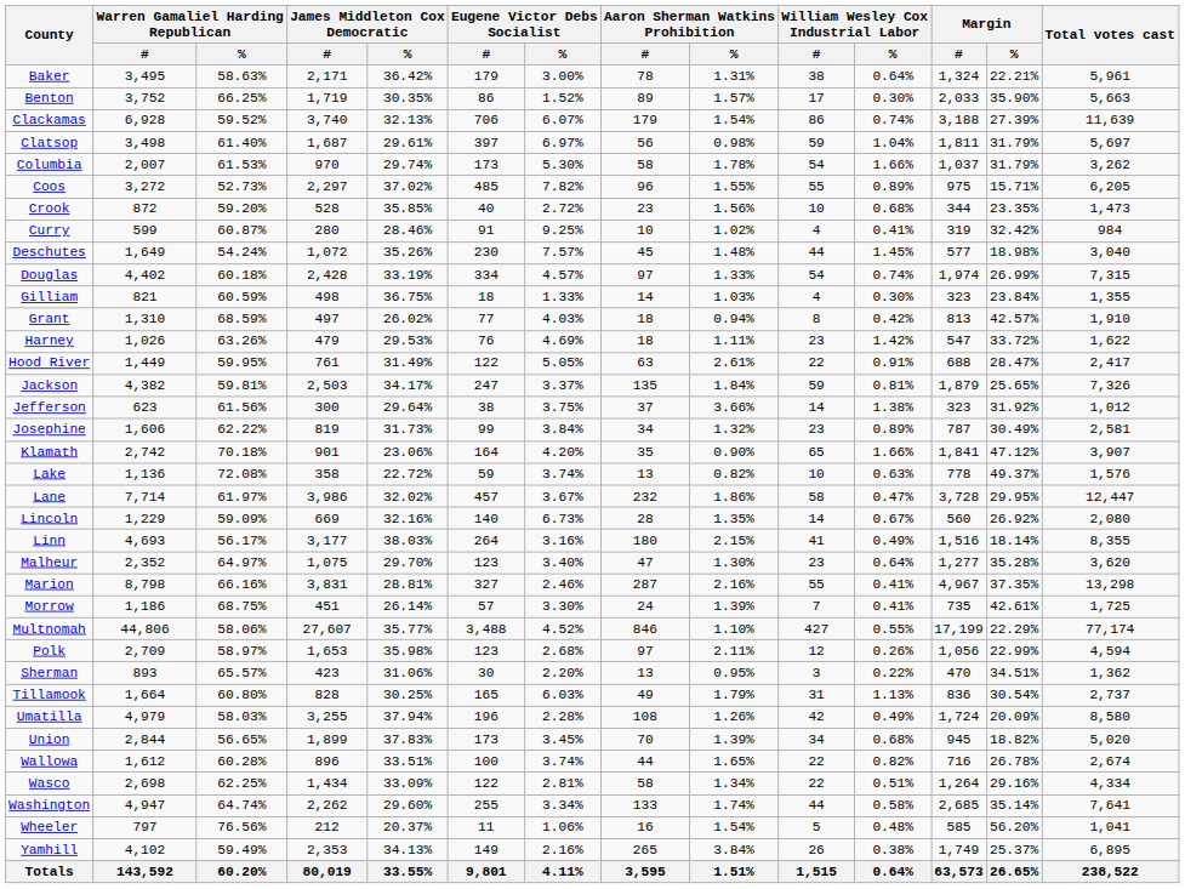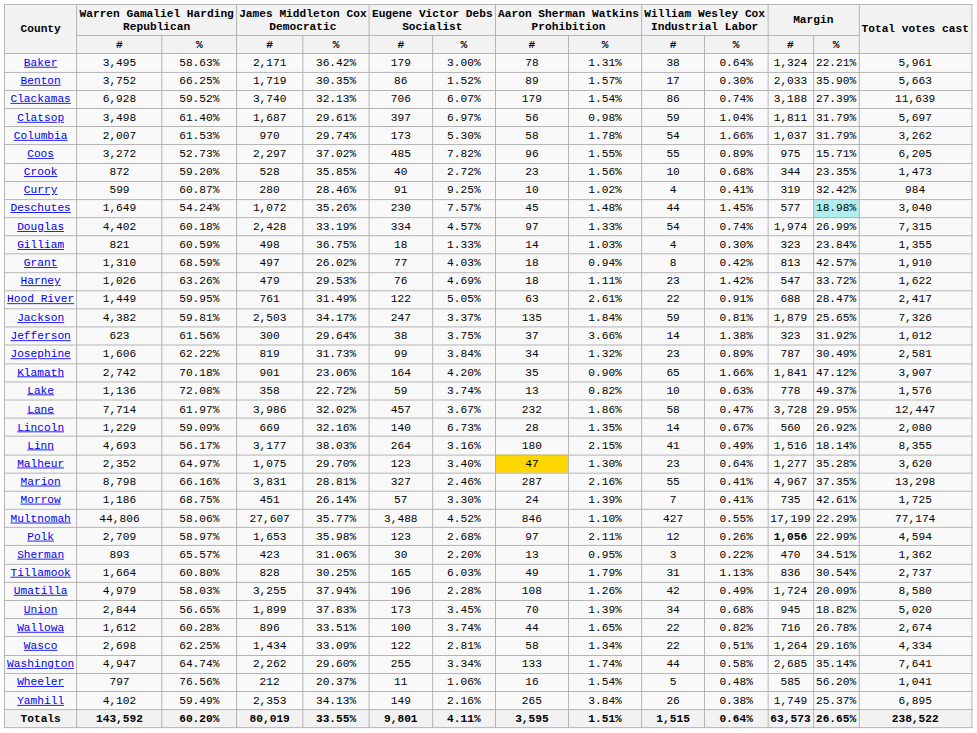 <table class="wikitable sortable">
 <tr>
 <th rowspan="2" style="text-align:center;">County</th>
 <th colspan="2" style="text-align:center;">Warren Gamaliel Harding<br>Republican</th>
 <th colspan="2" style="text-align:center;">James Middleton Cox<br>Democratic</th>
 <th colspan="2" style="text-align:center;">Eugene Victor Debs<br>Socialist</th>
 <th colspan="2" style="text-align:center;">Aaron Sherman Watkins<br>Prohibition</th>
 <th colspan="2" style="text-align:center;">William Wesley Cox<br>Industrial Labor</th>
 <th colspan="2" style="text-align:center;">Margin</th>
 <th rowspan="2" style="text-align:center;">Total votes cast</th>
 </tr>
 <tr>
 <th style="text-align:center;" data-sort-type="number">#</th>
 <th style="text-align:center;" data-sort-type="number">%</th>
 <th style="text-align:center;" data-sort-type="number">#</th>
 <th style="text-align:center;" data-sort-type="number">%</th>
 <th style="text-align:center;" data-sort-type="number">#</th>
 <th style="text-align:center;" data-sort-type="number">%</th>
 <th style="text-align:center;" data-sort-type="number">#</th>
 <th style="text-align:center;" data-sort-type="number">%</th>
 <th style="text-align:center;" data-sort-type="number">#</th>
 <th style="text-align:center;" data-sort-type="number">%</th>
 <th style="text-align:center;" data-sort-type="number">#</th>
 <th style="text-align:center;" data-sort-type="number">%</th>
 </tr>
 <tr style="text-align:center;">
 <td><a href='#'>Baker</a></td>
 <td>3,495</td>
 <td>58.63%</td>
 <td>2,171</td>
 <td>36.42%</td>
 <td>179</td>
 <td>3.00%</td>
 <td>78</td>
 <td>1.31%</td>
 <td>38</td>
 <td>0.64%</td>
 <td>1,324</td>
 <td>22.21%</td>
 <td>5,961</td>
 </tr>
 <tr style="text-align:center;">
 <td><a href='#'>Benton</a></td>
 <td>3,752</td>
 <td>66.25%</td>
 <td>1,719</td>
 <td>30.35%</td>
 <td>86</td>
 <td>1.52%</td>
 <td>89</td>
 <td>1.57%</td>
 <td>17</td>
 <td>0.30%</td>
 <td>2,033</td>
 <td>35.90%</td>
 <td>5,663</td>
 </tr>
 <tr style="text-align:center;">
 <td><a href='#'>Clackamas</a></td>
 <td>6,928</td>
 <td>59.52%</td>
 <td>3,740</td>
 <td>32.13%</td>
 <td>706</td>
 <td>6.07%</td>
 <td>179</td>
 <td>1.54%</td>
 <td>86</td>
 <td>0.74%</td>
 <td>3,188</td>
 <td>27.39%</td>
 <td>11,639</td>
 </tr>
 <tr style="text-align:center;">
 <td><a href='#'>Clatsop</a></td>
 <td>3,498</td>
 <td>61.40%</td>
 <td>1,687</td>
 <td>29.61%</td>
 <td>397</td>
 <td>6.97%</td>
 <td>56</td>
 <td>0.98%</td>
 <td>59</td>
 <td>1.04%</td>
 <td>1,811</td>
 <td>31.79%</td>
 <td>5,697</td>
 </tr>
 <tr style="text-align:center;">
 <td><a href='#'>Columbia</a></td>
 <td>2,007</td>
 <td>61.53%</td>
 <td>970</td>
 <td>29.74%</td>
 <td>173</td>
 <td>5.30%</td>
 <td>58</td>
 <td>1.78%</td>
 <td>54</td>
 <td>1.66%</td>
 <td>1,037</td>
 <td>31.79%</td>
 <td>3,262</td>
 </tr>
 <tr style="text-align:center;">
 <td><a href='#'>Coos</a></td>
 <td>3,272</td>
 <td>52.73%</td>
 <td>2,297</td>
 <td>37.02%</td>
 <td>485</td>
 <td>7.82%</td>
 <td>96</td>
 <td>1.55%</td>
 <td>55</td>
 <td>0.89%</td>
 <td>975</td>
 <td>15.71%</td>
 <td>6,205</td>
 </tr>
 <tr style="text-align:center;">
 <td><a href='#'>Crook</a></td>
 <td>872</td>
 <td>59.20%</td>
 <td>528</td>
 <td>35.85%</td>
 <td>40</td>
 <td>2.72%</td>
 <td>23</td>
 <td>1.56%</td>
 <td>10</td>
 <td>0.68%</td>
 <td>344</td>
 <td>23.35%</td>
 <td>1,473</td>
 </tr>
 <tr style="text-align:center;">
 <td><a href='#'>Curry</a></td>
 <td>599</td>
 <td>60.87%</td>
 <td>280</td>
 <td>28.46%</td>
 <td>91</td>
 <td>9.25%</td>
 <td>10</td>
 <td>1.02%</td>
 <td>4</td>
 <td>0.41%</td>
 <td>319</td>
 <td>32.42%</td>
 <td>984</td>
 </tr>
 <tr style="text-align:center;">
 <td><a href='#'>Deschutes</a></td>
 <td>1,649</td>
 <td>54.24%</td>
 <td>1,072</td>
 <td>35.26%</td>
 <td>230</td>
 <td>7.57%</td>
 <td>45</td>
 <td>1.48%</td>
 <td>44</td>
 <td>1.45%</td>
 <td>577</td>
-<td>18.98%</td>
+<td style="background: paleturquoise;">18.98%</td>
 <td>3,040</td>
 </tr>
 <tr style="text-align:center;">
 <td><a href='#'>Douglas</a></td>
 <td>4,402</td>
 <td>60.18%</td>
 <td>2,428</td>
 <td>33.19%</td>
 <td>334</td>
 <td>4.57%</td>
 <td>97</td>
 <td>1.33%</td>
 <td>54</td>
 <td>0.74%</td>
 <td>1,974</td>
 <td>26.99%</td>
 <td>7,315</td>
 </tr>
 <tr style="text-align:center;">
 <td><a href='#'>Gilliam</a></td>
 <td>821</td>
 <td>60.59%</td>
 <td>498</td>
 <td>36.75%</td>
 <td>18</td>
 <td>1.33%</td>
 <td>14</td>
 <td>1.03%</td>
 <td>4</td>
 <td>0.30%</td>
 <td>323</td>
 <td>23.84%</td>
 <td>1,355</td>
 </tr>
 <tr style="text-align:center;">
 <td><a href='#'>Grant</a></td>
 <td>1,310</td>
 <td>68.59%</td>
 <td>497</td>
 <td>26.02%</td>
 <td>77</td>
 <td>4.03%</td>
 <td>18</td>
 <td>0.94%</td>
 <td>8</td>
 <td>0.42%</td>
 <td>813</td>
 <td>42.57%</td>
 <td>1,910</td>
 </tr>
 <tr style="text-align:center;">
 <td><a href='#'>Harney</a></td>
 <td>1,026</td>
 <td>63.26%</td>
 <td>479</td>
 <td>29.53%</td>
 <td>76</td>
 <td>4.69%</td>
 <td>18</td>
 <td>1.11%</td>
 <td>23</td>
 <td>1.42%</td>
 <td>547</td>
 <td>33.72%</td>
 <td>1,622</td>
 </tr>
 <tr style="text-align:center;">
 <td><a href='#'>Hood River</a></td>
 <td>1,449</td>
 <td>59.95%</td>
 <td>761</td>
 <td>31.49%</td>
 <td>122</td>
 <td>5.05%</td>
 <td>63</td>
 <td>2.61%</td>
 <td>22</td>
 <td>0.91%</td>
 <td>688</td>
 <td>28.47%</td>
 <td>2,417</td>
 </tr>
 <tr style="text-align:center;">
 <td><a href='#'>Jackson</a></td>
 <td>4,382</td>
 <td>59.81%</td>
 <td>2,503</td>
 <td>34.17%</td>
 <td>247</td>
 <td>3.37%</td>
 <td>135</td>
 <td>1.84%</td>
 <td>59</td>
 <td>0.81%</td>
 <td>1,879</td>
 <td>25.65%</td>
 <td>7,326</td>
 </tr>
 <tr style="text-align:center;">
 <td><a href='#'>Jefferson</a></td>
 <td>623</td>
 <td>61.56%</td>
 <td>300</td>
 <td>29.64%</td>
 <td>38</td>
 <td>3.75%</td>
 <td>37</td>
 <td>3.66%</td>
 <td>14</td>
 <td>1.38%</td>
 <td>323</td>
 <td>31.92%</td>
 <td>1,012</td>
 </tr>
 <tr style="text-align:center;">
 <td><a href='#'>Josephine</a></td>
 <td>1,606</td>
 <td>62.22%</td>
 <td>819</td>
 <td>31.73%</td>
 <td>99</td>
 <td>3.84%</td>
 <td>34</td>
 <td>1.32%</td>
 <td>23</td>
 <td>0.89%</td>
 <td>787</td>
 <td>30.49%</td>
 <td>2,581</td>
 </tr>
 <tr style="text-align:center;">
 <td><a href='#'>Klamath</a></td>
 <td>2,742</td>
 <td>70.18%</td>
 <td>901</td>
 <td>23.06%</td>
 <td>164</td>
 <td>4.20%</td>
 <td>35</td>
 <td>0.90%</td>
 <td>65</td>
 <td>1.66%</td>
 <td>1,841</td>
 <td>47.12%</td>
 <td>3,907</td>
 </tr>
 <tr style="text-align:center;">
 <td><a href='#'>Lake</a></td>
 <td>1,136</td>
 <td>72.08%</td>
 <td>358</td>
 <td>22.72%</td>
 <td>59</td>
 <td>3.74%</td>
 <td>13</td>
 <td>0.82%</td>
 <td>10</td>
 <td>0.63%</td>
 <td>778</td>
 <td>49.37%</td>
 <td>1,576</td>
 </tr>
 <tr style="text-align:center;">
 <td><a href='#'>Lane</a></td>
 <td>7,714</td>
 <td>61.97%</td>
 <td>3,986</td>
 <td>32.02%</td>
 <td>457</td>
 <td>3.67%</td>
 <td>232</td>
 <td>1.86%</td>
 <td>58</td>
 <td>0.47%</td>
 <td>3,728</td>
 <td>29.95%</td>
 <td>12,447</td>
 </tr>
 <tr style="text-align:center;">
 <td><a href='#'>Lincoln</a></td>
 <td>1,229</td>
 <td>59.09%</td>
 <td>669</td>
 <td>32.16%</td>
 <td>140</td>
 <td>6.73%</td>
 <td>28</td>
 <td>1.35%</td>
 <td>14</td>
 <td>0.67%</td>
 <td>560</td>
 <td>26.92%</td>
 <td>2,080</td>
 </tr>
 <tr style="text-align:center;">
 <td><a href='#'>Linn</a></td>
 <td>4,693</td>
 <td>56.17%</td>
 <td>3,177</td>
 <td>38.03%</td>
 <td>264</td>
 <td>3.16%</td>
 <td>180</td>
 <td>2.15%</td>
 <td>41</td>
 <td>0.49%</td>
 <td>1,516</td>
 <td>18.14%</td>
 <td>8,355</td>
 </tr>
 <tr style="text-align:center;">
 <td><a href='#'>Malheur</a></td>
 <td>2,352</td>
 <td>64.97%</td>
 <td>1,075</td>
 <td>29.70%</td>
 <td>123</td>
 <td>3.40%</td>
-<td>47</td>
+<td style="background: gold;">47</td>
 <td>1.30%</td>
 <td>23</td>
 <td>0.64%</td>
 <td>1,277</td>
 <td>35.28%</td>
 <td>3,620</td>
 </tr>
 <tr style="text-align:center;">
 <td><a href='#'>Marion</a></td>
 <td>8,798</td>
 <td>66.16%</td>
 <td>3,831</td>
 <td>28.81%</td>
 <td>327</td>
 <td>2.46%</td>
 <td>287</td>
 <td>2.16%</td>
 <td>55</td>
 <td>0.41%</td>
 <td>4,967</td>
 <td>37.35%</td>
 <td>13,298</td>
 </tr>
 <tr style="text-align:center;">
 <td><a href='#'>Morrow</a></td>
 <td>1,186</td>
 <td>68.75%</td>
 <td>451</td>
 <td>26.14%</td>
 <td>57</td>
 <td>3.30%</td>
 <td>24</td>
 <td>1.39%</td>
 <td>7</td>
 <td>0.41%</td>
 <td>735</td>
 <td>42.61%</td>
 <td>1,725</td>
 </tr>
 <tr style="text-align:center;">
 <td><a href='#'>Multnomah</a></td>
 <td>44,806</td>
 <td>58.06%</td>
 <td>27,607</td>
 <td>35.77%</td>
 <td>3,488</td>
 <td>4.52%</td>
 <td>846</td>
 <td>1.10%</td>
 <td>427</td>
 <td>0.55%</td>
 <td>17,199</td>
 <td>22.29%</td>
 <td>77,174</td>
 </tr>
 <tr style="text-align:center;">
 <td><a href='#'>Polk</a></td>
 <td>2,709</td>
 <td>58.97%</td>
 <td>1,653</td>
 <td>35.98%</td>
 <td>123</td>
 <td>2.68%</td>
 <td>97</td>
 <td>2.11%</td>
 <td>12</td>
 <td>0.26%</td>
-<td>1,056</td>
+<td><strong>1,056</strong></td>
 <td>22.99%</td>
 <td>4,594</td>
 </tr>
 <tr style="text-align:center;">
 <td><a href='#'>Sherman</a></td>
 <td>893</td>
 <td>65.57%</td>
 <td>423</td>
 <td>31.06%</td>
 <td>30</td>
 <td>2.20%</td>
 <td>13</td>
 <td>0.95%</td>
 <td>3</td>
 <td>0.22%</td>
 <td>470</td>
 <td>34.51%</td>
 <td>1,362</td>
 </tr>
 <tr style="text-align:center;">
 <td><a href='#'>Tillamook</a></td>
 <td>1,664</td>
 <td>60.80%</td>
 <td>828</td>
 <td>30.25%</td>
 <td>165</td>
 <td>6.03%</td>
 <td>49</td>
 <td>1.79%</td>
 <td>31</td>
 <td>1.13%</td>
 <td>836</td>
 <td>30.54%</td>
 <td>2,737</td>
 </tr>
 <tr style="text-align:center;">
 <td><a href='#'>Umatilla</a></td>
 <td>4,979</td>
 <td>58.03%</td>
 <td>3,255</td>
 <td>37.94%</td>
 <td>196</td>
 <td>2.28%</td>
 <td>108</td>
 <td>1.26%</td>
 <td>42</td>
 <td>0.49%</td>
 <td>1,724</td>
 <td>20.09%</td>
 <td>8,580</td>
 </tr>
 <tr style="text-align:center;">
 <td><a href='#'>Union</a></td>
 <td>2,844</td>
 <td>56.65%</td>
 <td>1,899</td>
 <td>37.83%</td>
 <td>173</td>
 <td>3.45%</td>
 <td>70</td>
 <td>1.39%</td>
 <td>34</td>
 <td>0.68%</td>
 <td>945</td>
 <td>18.82%</td>
 <td>5,020</td>
 </tr>
 <tr style="text-align:center;">
 <td><a href='#'>Wallowa</a></td>
 <td>1,612</td>
 <td>60.28%</td>
 <td>896</td>
 <td>33.51%</td>
 <td>100</td>
 <td>3.74%</td>
 <td>44</td>
 <td>1.65%</td>
 <td>22</td>
 <td>0.82%</td>
 <td>716</td>
 <td>26.78%</td>
 <td>2,674</td>
 </tr>
 <tr style="text-align:center;">
 <td><a href='#'>Wasco</a></td>
 <td>2,698</td>
 <td>62.25%</td>
 <td>1,434</td>
 <td>33.09%</td>
 <td>122</td>
 <td>2.81%</td>
 <td>58</td>
 <td>1.34%</td>
 <td>22</td>
 <td>0.51%</td>
 <td>1,264</td>
 <td>29.16%</td>
 <td>4,334</td>
 </tr>
 <tr style="text-align:center;">
 <td><a href='#'>Washington</a></td>
 <td>4,947</td>
 <td>64.74%</td>
 <td>2,262</td>
 <td>29.60%</td>
 <td>255</td>
 <td>3.34%</td>
 <td>133</td>
 <td>1.74%</td>
 <td>44</td>
 <td>0.58%</td>
 <td>2,685</td>
 <td>35.14%</td>
 <td>7,641</td>
 </tr>
 <tr style="text-align:center;">
 <td><a href='#'>Wheeler</a></td>
 <td>797</td>
 <td>76.56%</td>
 <td>212</td>
 <td>20.37%</td>
 <td>11</td>
 <td>1.06%</td>
 <td>16</td>
 <td>1.54%</td>
 <td>5</td>
 <td>0.48%</td>
 <td>585</td>
 <td>56.20%</td>
 <td>1,041</td>
 </tr>
 <tr style="text-align:center;">
 <td><a href='#'>Yamhill</a></td>
 <td>4,102</td>
 <td>59.49%</td>
 <td>2,353</td>
 <td>34.13%</td>
 <td>149</td>
 <td>2.16%</td>
 <td>265</td>
 <td>3.84%</td>
 <td>26</td>
 <td>0.38%</td>
 <td>1,749</td>
 <td>25.37%</td>
 <td>6,895</td>
 </tr>
 <tr style="text-align:center;">
 <th>Totals</th>
 <th>143,592</th>
 <th>60.20%</th>
 <th>80,019</th>
 <th>33.55%</th>
 <th>9,801</th>
 <th>4.11%</th>
 <th>3,595</th>
 <th>1.51%</th>
 <th>1,515</th>
 <th>0.64%</th>
 <th>63,573</th>
 <th>26.65%</th>
 <th>238,522</th>
 </tr>
 </table>
